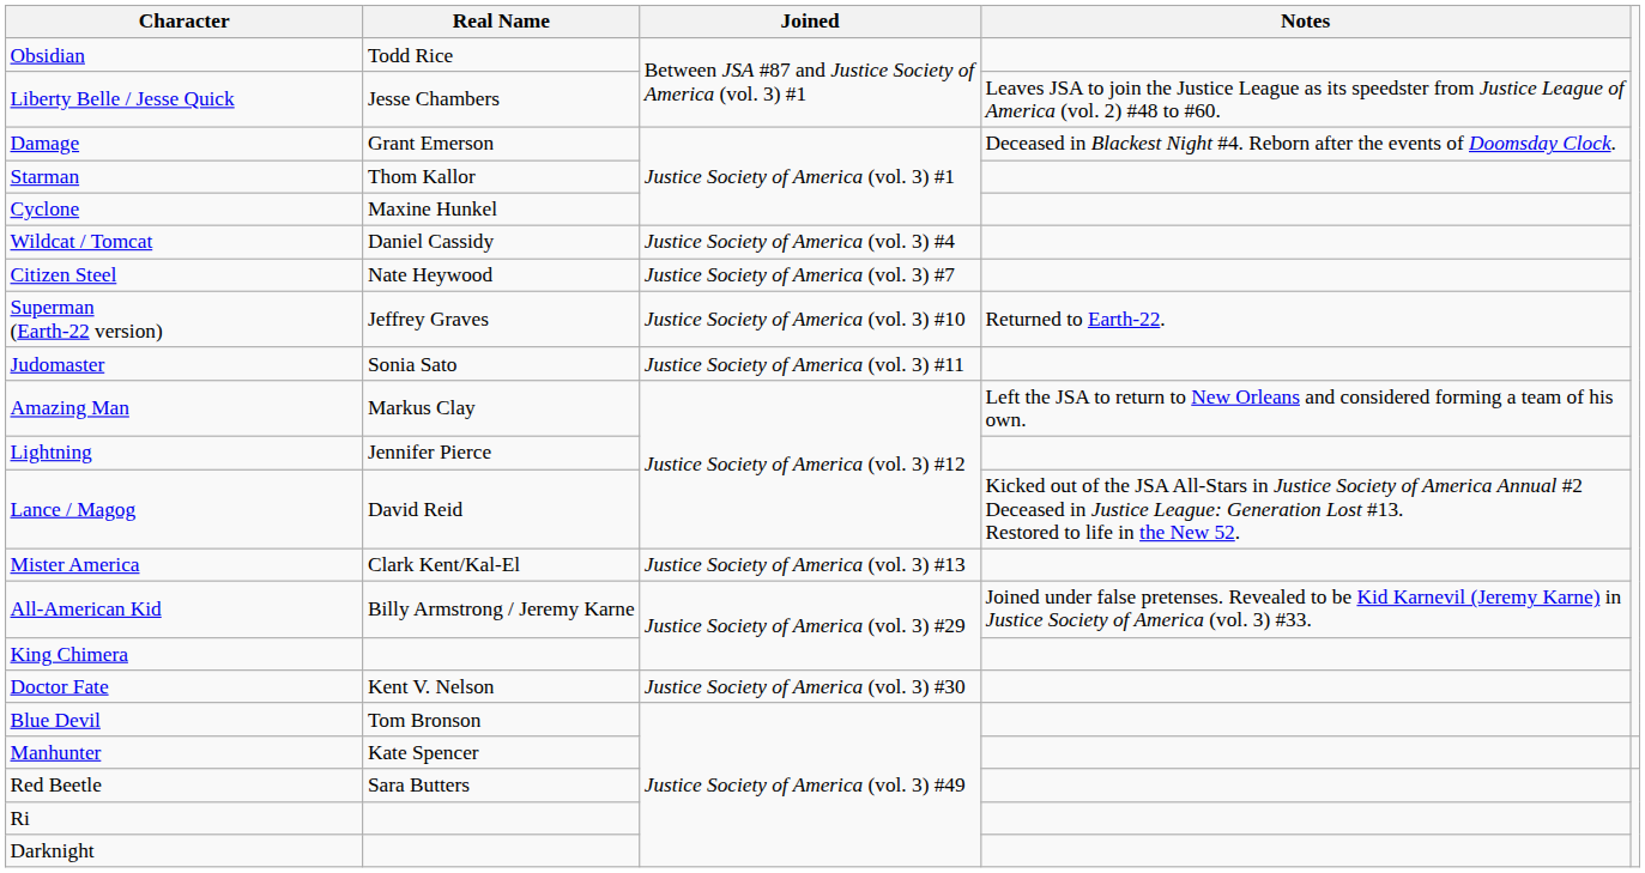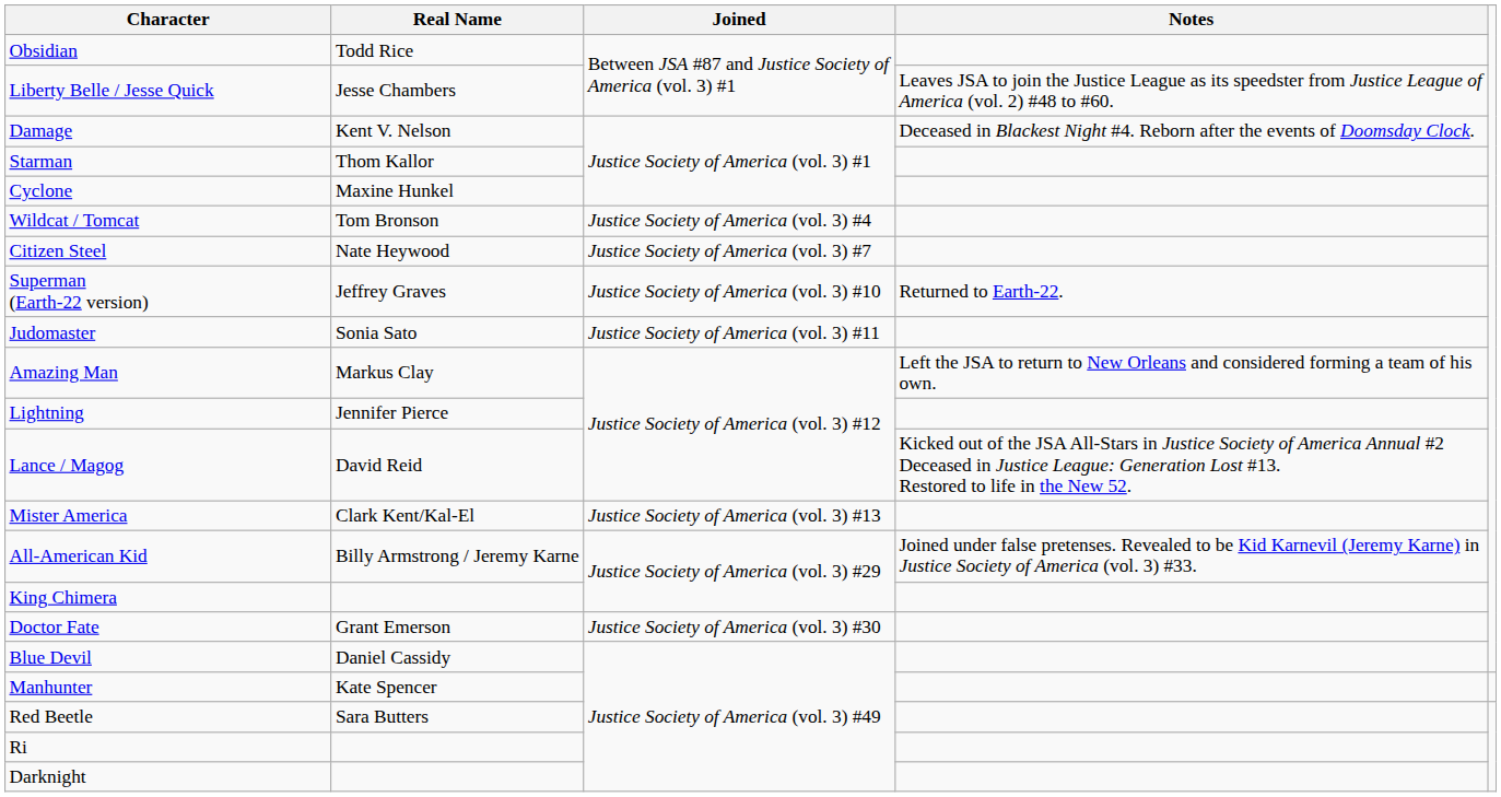 <table class="wikitable" width=100%>
 <tr>
 <th width=22%>Character</th>
 <th width=17%>Real Name</th>
 <th width=21%>Joined</th>
 <th width=40%>Notes</th>
 </tr>
 <tr>
 <td><a href='#'>Obsidian</a></td>
 <td>Todd Rice</td>
 <td rowspan="2">Between <em>JSA</em> #87 and <em>Justice Society of America</em> (vol. 3) #1</td>
 <td></td>
 </tr>
 <tr>
 <td><a href='#'>Liberty Belle / Jesse Quick</a></td>
 <td>Jesse Chambers</td>
 <td>Leaves JSA to join the Justice League as its speedster from <em>Justice League of America</em> (vol. 2) #48 to #60.</td>
 </tr>
 <tr>
 <td><a href='#'>Damage</a></td>
-<td>Grant Emerson</td>
+<td>Kent V. Nelson</td>
 <td rowspan="3"><em>Justice Society of America</em> (vol. 3) #1</td>
 <td>Deceased in <em>Blackest Night</em> #4. Reborn after the events of <em><a href='#'>Doomsday Clock</a></em>.</td>
 </tr>
 <tr>
 <td><a href='#'>Starman</a></td>
 <td>Thom Kallor</td>
 <td></td>
 </tr>
 <tr>
 <td><a href='#'>Cyclone</a></td>
 <td>Maxine Hunkel</td>
 <td></td>
 </tr>
 <tr>
 <td><a href='#'>Wildcat / Tomcat</a></td>
-<td>Daniel Cassidy</td>
+<td>Tom Bronson</td>
 <td><em>Justice Society of America</em> (vol. 3) #4</td>
 <td></td>
 </tr>
 <tr>
 <td><a href='#'>Citizen Steel</a></td>
 <td>Nate Heywood</td>
 <td><em>Justice Society of America</em> (vol. 3) #7</td>
 <td></td>
 </tr>
 <tr>
 <td><a href='#'>Superman</a><br>(<a href='#'>Earth-22</a> version)</td>
 <td>Jeffrey Graves</td>
 <td><em>Justice Society of America</em> (vol. 3) #10</td>
 <td>Returned to <a href='#'>Earth-22</a>.</td>
 </tr>
 <tr>
 <td><a href='#'>Judomaster</a></td>
 <td>Sonia Sato</td>
 <td><em>Justice Society of America</em> (vol. 3) #11</td>
 <td></td>
 </tr>
 <tr>
 <td><a href='#'>Amazing Man</a></td>
 <td>Markus Clay</td>
 <td rowspan="3"><em>Justice Society of America</em> (vol. 3) #12</td>
 <td>Left the JSA to return to <a href='#'>New Orleans</a> and considered forming a team of his own.</td>
 </tr>
 <tr>
 <td><a href='#'>Lightning</a></td>
 <td>Jennifer Pierce</td>
 <td></td>
 </tr>
 <tr>
 <td><a href='#'>Lance / Magog</a></td>
 <td>David Reid</td>
 <td>Kicked out of the JSA All-Stars in <em>Justice Society of America Annual</em> #2<br>Deceased in <em>Justice League: Generation Lost</em> #13.<br>Restored to life in <a href='#'>the New 52</a>.</td>
 </tr>
 <tr>
 <td><a href='#'>Mister America</a></td>
 <td>Clark Kent/Kal-El</td>
 <td><em>Justice Society of America</em> (vol. 3) #13</td>
 <td></td>
 </tr>
 <tr>
 <td><a href='#'>All-American Kid</a></td>
 <td>Billy Armstrong / Jeremy Karne</td>
 <td rowspan="2"><em>Justice Society of America</em> (vol. 3) #29</td>
 <td>Joined under false pretenses. Revealed to be <a href='#'>Kid Karnevil (Jeremy Karne)</a> in <em>Justice Society of America</em> (vol. 3) #33.</td>
 </tr>
 <tr>
 <td><a href='#'>King Chimera</a></td>
 <td></td>
 <td></td>
 </tr>
 <tr>
 <td><a href='#'>Doctor Fate</a></td>
-<td>Kent V. Nelson</td>
+<td>Grant Emerson</td>
 <td><em>Justice Society of America</em> (vol. 3) #30</td>
 <td></td>
 </tr>
 <tr>
 <td><a href='#'>Blue Devil</a></td>
-<td>Tom Bronson</td>
+<td>Daniel Cassidy</td>
 <td rowspan="5"><em>Justice Society of America</em> (vol. 3) #49</td>
 <td></td>
 </tr>
 <tr>
 <td><a href='#'>Manhunter</a></td>
 <td>Kate Spencer</td>
 <td></td>
 <td></td>
 </tr>
 <tr>
 <td>Red Beetle</td>
 <td>Sara Butters</td>
 <td></td>
 </tr>
 <tr>
 <td>Ri</td>
 <td></td>
 <td></td>
 </tr>
 <tr>
 <td>Darknight</td>
 <td></td>
 <td></td>
 </tr>
 </table>
